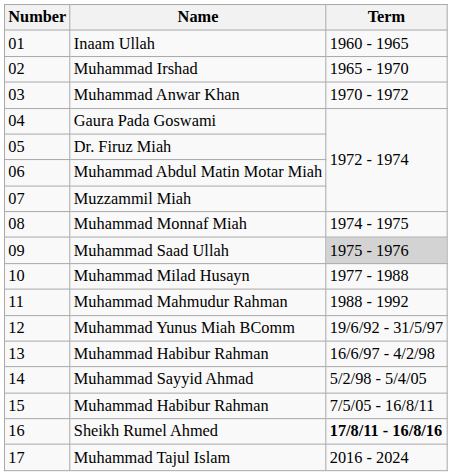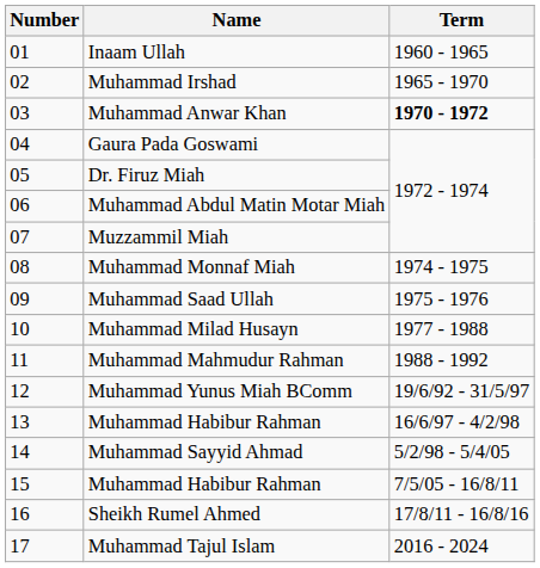 <table class="wikitable">
 <tr>
 <th>Number</th>
 <th>Name</th>
 <th>Term</th>
 </tr>
 <tr>
 <td>01</td>
 <td>Inaam Ullah</td>
 <td>1960 - 1965</td>
 </tr>
 <tr>
 <td>02</td>
 <td>Muhammad Irshad</td>
 <td>1965 - 1970</td>
 </tr>
 <tr>
 <td>03</td>
 <td>Muhammad Anwar Khan</td>
-<td>1970 - 1972</td>
+<td><strong>1970 - 1972</strong></td>
 </tr>
 <tr>
 <td>04</td>
 <td>Gaura Pada Goswami</td>
 <td rowspan="4">1972 - 1974</td>
 </tr>
 <tr>
 <td>05</td>
 <td>Dr. Firuz Miah</td>
 </tr>
 <tr>
 <td>06</td>
 <td>Muhammad Abdul Matin Motar Miah</td>
 </tr>
 <tr>
 <td>07</td>
 <td>Muzzammil Miah</td>
 </tr>
 <tr>
 <td>08</td>
 <td>Muhammad Monnaf Miah</td>
 <td>1974 - 1975</td>
 </tr>
 <tr>
 <td>09</td>
 <td>Muhammad Saad Ullah</td>
-<td style="background: lightgrey;">1975 - 1976</td>
+<td>1975 - 1976</td>
 </tr>
 <tr>
 <td>10</td>
 <td>Muhammad Milad Husayn</td>
 <td>1977 - 1988</td>
 </tr>
 <tr>
 <td>11</td>
 <td>Muhammad Mahmudur Rahman</td>
 <td>1988 - 1992</td>
 </tr>
 <tr>
 <td>12</td>
 <td>Muhammad Yunus Miah BComm</td>
 <td>19/6/92 - 31/5/97</td>
 </tr>
 <tr>
 <td>13</td>
 <td>Muhammad Habibur Rahman</td>
 <td>16/6/97 - 4/2/98</td>
 </tr>
 <tr>
 <td>14</td>
 <td>Muhammad Sayyid Ahmad</td>
 <td>5/2/98 - 5/4/05</td>
 </tr>
 <tr>
 <td>15</td>
 <td>Muhammad Habibur Rahman</td>
 <td>7/5/05 - 16/8/11</td>
 </tr>
 <tr>
 <td>16</td>
 <td>Sheikh Rumel Ahmed</td>
-<td><strong>17/8/11 - 16/8/16</strong></td>
+<td>17/8/11 - 16/8/16</td>
 </tr>
 <tr>
 <td>17</td>
 <td>Muhammad Tajul Islam</td>
 <td>2016 - 2024</td>
 </tr>
 </table>
